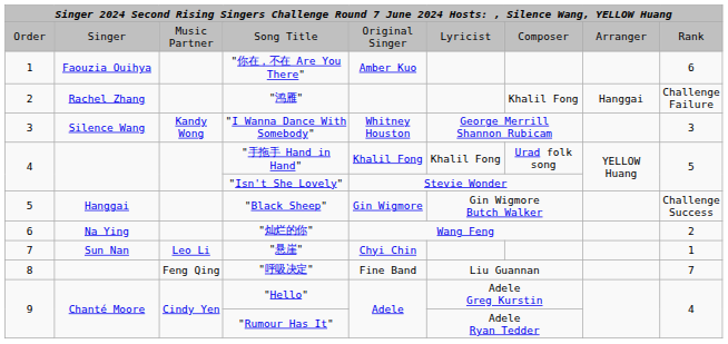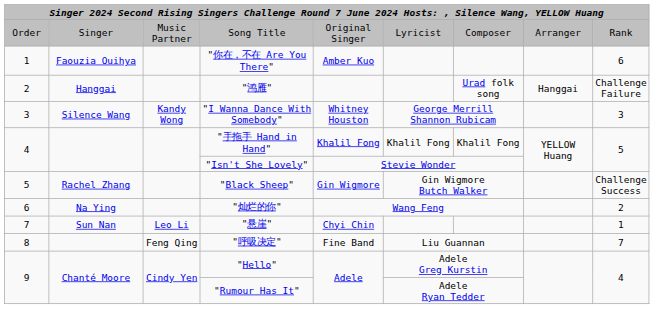 <table class="wikitable sortable mw-collapsibleiamasinger-s09" width="100%" style="text-align:center">
 <tr align=center style="background:silver">
 <td colspan="9"><div><strong><em>Singer<em> 2024 Second Rising Singers Challenge Round 7 June 2024 Hosts: , Silence Wang, YELLOW Huang<strong> </div></td>
 </tr>
 <tr style="background:silver">
 <td style="width:7%"></strong>Order<strong></td>
 <td style="width:15%"></strong>Singer<strong></td>
 <td style="width:9%"></strong>Music Partner<strong></td>
 <td style="width:18%"></strong>Song Title<strong></td>
 <td style="width:11%"></strong>Original Singer<strong></td>
 <td style="width:11%"></strong>Lyricist<strong></td>
 <td style="width:11%"></strong>Composer<strong></td>
 <td style="width:11%"></strong>Arranger<strong></td>
 <td style="width:7%"></strong>Rank<strong></td>
 </tr>
 <tr>
 <td>1</td>
 <td><a href='#'>Faouzia Ouihya</a></td>
 <td></td>
 <td>"<a href='#'>你在，不在 Are You There</a>"</td>
 <td><a href='#'>Amber Kuo</a></td>
 <td></td>
 <td></td>
 <td></td>
 <td>6</td>
 </tr>
 <tr>
 <td>2</td>
-<td><a href='#'>Rachel Zhang</a></td>
+<td><a href='#'>Hanggai</a></td>
 <td></td>
 <td>"<a href='#'>鸿雁</a>"</td>
 <td></td>
 <td></td>
-<td>Khalil Fong</td>
+<td><a href='#'>Urad</a> folk song</td>
 <td>Hanggai<br></td>
 <td>Challenge Failure</td>
 </tr>
 <tr>
 <td>3</td>
 <td><a href='#'>Silence Wang</a></td>
 <td><a href='#'>Kandy Wong</a></td>
 <td>"<a href='#'>I Wanna Dance With Somebody</a>"</td>
 <td><a href='#'>Whitney Houston</a></td>
 <td colspan=2><a href='#'>George Merrill</a><br><a href='#'>Shannon Rubicam</a></td>
 <td></td>
 <td>3</td>
 </tr>
 <tr>
 <td rowspan=2>4</td>
 <td rowspan=2></td>
 <td rowspan=2></td>
 <td>"<a href='#'>手拖手 Hand in Hand</a>"</td>
 <td><a href='#'>Khalil Fong</a></td>
 <td>Khalil Fong<br></td>
-<td><a href='#'>Urad</a> folk song</td>
+<td>Khalil Fong</td>
 <td rowspan=2>YELLOW Huang<br></td>
 <td rowspan=2>5</td>
 </tr>
 <tr>
 <td>"<a href='#'>Isn't She Lovely</a>"</td>
 <td colspan=3><a href='#'>Stevie Wonder</a></td>
 </tr>
 <tr>
 <td>5</td>
-<td><a href='#'>Hanggai</a></td>
+<td><a href='#'>Rachel Zhang</a></td>
 <td></td>
 <td>"<a href='#'>Black Sheep</a>"</td>
 <td><a href='#'>Gin Wigmore</a></td>
 <td colspan=2>Gin Wigmore<br><a href='#'>Butch Walker</a></td>
 <td></td>
 <td>Challenge Success</td>
 </tr>
 <tr>
 <td>6</td>
 <td><a href='#'>Na Ying</a></td>
 <td></td>
 <td>"<a href='#'>灿烂的你</a>"</td>
 <td colspan=3><a href='#'>Wang Feng</a></td>
 <td><br></td>
 <td>2</td>
 </tr>
 <tr>
 <td>7</td>
 <td><a href='#'>Sun Nan</a></td>
 <td><a href='#'>Leo Li</a></td>
 <td>"<a href='#'>悬崖</a>"</td>
 <td><a href='#'>Chyi Chin</a></td>
 <td></td>
 <td></td>
 <td></td>
 <td>1</td>
 </tr>
 <tr>
 <td>8</td>
 <td></td>
 <td>Feng Qing</td>
 <td>"<a href='#'>呼吸决定</a>"</td>
 <td>Fine Band</td>
 <td colspan=2>Liu Guannan</td>
 <td></td>
 <td>7</td>
 </tr>
 <tr>
 <td rowspan=2>9</td>
 <td rowspan=2><a href='#'>Chanté Moore</a></td>
 <td rowspan=2><a href='#'>Cindy Yen</a></td>
 <td>"<a href='#'>Hello</a>"</td>
 <td rowspan=2><a href='#'>Adele</a></td>
 <td colspan=2>Adele<br><a href='#'>Greg Kurstin</a></td>
 <td rowspan=2></td>
 <td rowspan=2>4</td>
 </tr>
 <tr>
 <td>"<a href='#'>Rumour Has It</a>"</td>
 <td colspan=2>Adele<br><a href='#'>Ryan Tedder</a></td>
 </tr>
 </table>
